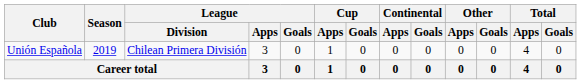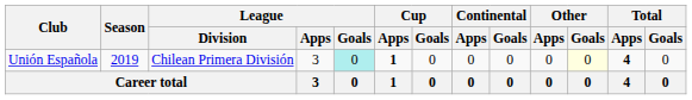 <table class="wikitable" style="text-align: center">
 <tr>
 <th rowspan="2">Club</th>
 <th rowspan="2">Season</th>
 <th colspan="3">League</th>
 <th colspan="2">Cup</th>
 <th colspan="2">Continental</th>
 <th colspan="2">Other</th>
 <th colspan="2">Total</th>
 </tr>
 <tr>
 <th>Division</th>
 <th>Apps</th>
 <th>Goals</th>
 <th>Apps</th>
 <th>Goals</th>
 <th>Apps</th>
 <th>Goals</th>
 <th>Apps</th>
 <th>Goals</th>
 <th>Apps</th>
 <th>Goals</th>
 </tr>
 <tr>
 <td><a href='#'>Unión Española</a></td>
 <td><a href='#'>2019</a></td>
 <td><a href='#'>Chilean Primera División</a></td>
 <td>3</td>
-<td>0</td>
-<td>1</td>
+<td style="background: paleturquoise;">0</td>
+<td><strong>1</strong></td>
 <td>0</td>
 <td>0</td>
 <td>0</td>
 <td>0</td>
-<td>0</td>
-<td>4</td>
+<td style="background: lightyellow;">0</td>
+<td><strong>4</strong></td>
 <td>0</td>
 </tr>
 <tr>
 <th colspan="3"><strong>Career total</strong></th>
 <th>3</th>
 <th>0</th>
 <th>1</th>
 <th>0</th>
 <th>0</th>
 <th>0</th>
 <th>0</th>
 <th>0</th>
 <th>4</th>
 <th>0</th>
 </tr>
 </table>
